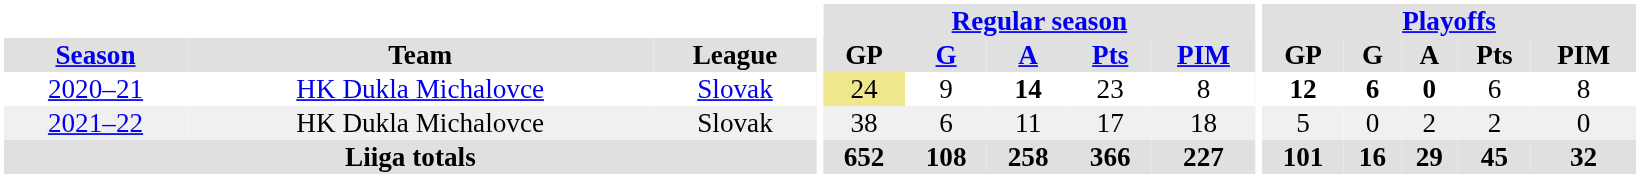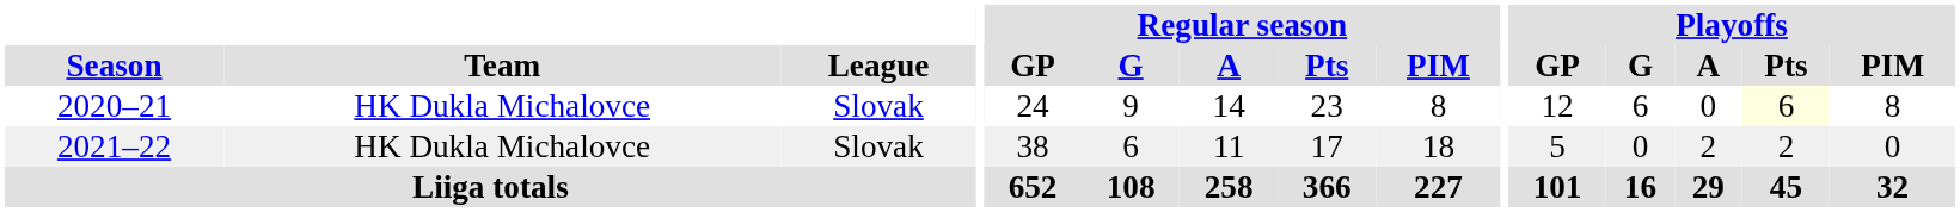 <table border="0" cellpadding="1" cellspacing="0" style="text-align:center; width:60em">
 <tr bgcolor="#e0e0e0">
 <th colspan="3" bgcolor="#ffffff"></th>
 <th rowspan="99" bgcolor="#ffffff"></th>
 <th colspan="5"><a href='#'>Regular season</a></th>
 <th rowspan="99" bgcolor="#ffffff"></th>
 <th colspan="5"><a href='#'>Playoffs</a></th>
 </tr>
 <tr bgcolor="#e0e0e0">
 <th><a href='#'>Season</a></th>
 <th>Team</th>
 <th>League</th>
 <th>GP</th>
 <th><a href='#'>G</a></th>
 <th><a href='#'>A</a></th>
 <th><a href='#'>Pts</a></th>
 <th><a href='#'>PIM</a></th>
 <th>GP</th>
 <th>G</th>
 <th>A</th>
 <th>Pts</th>
 <th>PIM</th>
 </tr>
 <tr>
 <td><a href='#'>2020–21</a></td>
 <td><a href='#'>HK Dukla Michalovce</a></td>
 <td><a href='#'>Slovak</a></td>
-<td style="background: khaki;">24</td>
+<td>24</td>
 <td>9</td>
-<td><strong>14</strong></td>
+<td>14</td>
 <td>23</td>
 <td>8</td>
-<td><strong>12</strong></td>
-<td><strong>6</strong></td>
-<td><strong>0</strong></td>
+<td>12</td>
 <td>6</td>
+<td>0</td>
+<td style="background: lightyellow;">6</td>
 <td>8</td>
 </tr>
 <tr bgcolor="#f0f0f0">
 <td><a href='#'>2021–22</a></td>
 <td>HK Dukla Michalovce</td>
 <td>Slovak</td>
 <td>38</td>
 <td>6</td>
 <td>11</td>
 <td>17</td>
 <td>18</td>
 <td>5</td>
 <td>0</td>
 <td>2</td>
 <td>2</td>
 <td>0</td>
 </tr>
 <tr bgcolor="#e0e0e0">
 <th colspan="3">Liiga totals</th>
 <th>652</th>
 <th>108</th>
 <th>258</th>
 <th>366</th>
 <th>227</th>
 <th>101</th>
 <th>16</th>
 <th>29</th>
 <th>45</th>
 <th>32</th>
 </tr>
 </table>
